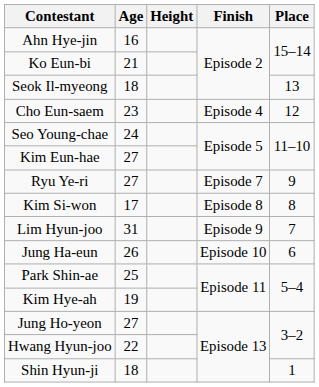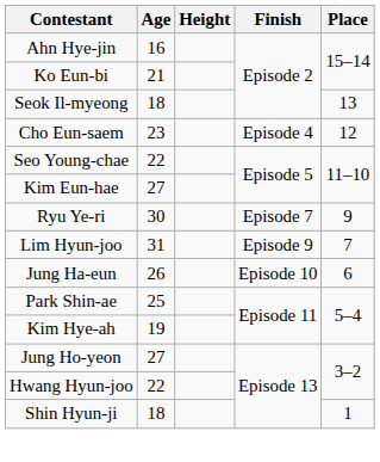 <table class="wikitable sortable" style="text-align:center;">
 <tr>
 <th>Contestant</th>
 <th>Age</th>
 <th>Height</th>
 <th>Finish</th>
 <th>Place</th>
 </tr>
 <tr>
 <td>Ahn Hye-jin</td>
 <td>16</td>
 <td></td>
 <td rowspan="3">Episode 2</td>
 <td rowspan="2">15–14</td>
 </tr>
 <tr>
 <td>Ko Eun-bi</td>
 <td>21</td>
 <td></td>
 </tr>
 <tr>
 <td>Seok Il-myeong</td>
 <td>18</td>
 <td></td>
 <td>13</td>
 </tr>
 <tr>
 <td>Cho Eun-saem</td>
 <td>23</td>
 <td></td>
 <td>Episode 4</td>
 <td>12</td>
 </tr>
 <tr>
 <td>Seo Young-chae</td>
-<td>24</td>
+<td>22</td>
 <td></td>
 <td rowspan="2">Episode 5</td>
 <td rowspan="2">11–10</td>
 </tr>
 <tr>
 <td>Kim Eun-hae</td>
 <td>27</td>
 <td></td>
 </tr>
 <tr>
 <td>Ryu Ye-ri</td>
-<td>27</td>
+<td>30</td>
 <td></td>
 <td>Episode 7</td>
 <td>9</td>
-</tr>
-<tr>
-<td>Kim Si-won</td>
-<td>17</td>
-<td></td>
-<td>Episode 8</td>
-<td>8</td>
 </tr>
 <tr>
 <td>Lim Hyun-joo</td>
 <td>31</td>
 <td></td>
 <td>Episode 9</td>
 <td>7</td>
 </tr>
 <tr>
 <td>Jung Ha-eun</td>
 <td>26</td>
 <td></td>
 <td>Episode 10</td>
 <td>6</td>
 </tr>
 <tr>
 <td>Park Shin-ae</td>
 <td>25</td>
 <td></td>
 <td rowspan="2">Episode 11</td>
 <td rowspan="2">5–4</td>
 </tr>
 <tr>
 <td>Kim Hye-ah</td>
 <td>19</td>
 <td></td>
 </tr>
 <tr>
 <td>Jung Ho-yeon</td>
 <td>27</td>
 <td></td>
 <td rowspan="3">Episode 13</td>
 <td rowspan="2">3–2</td>
 </tr>
 <tr>
 <td>Hwang Hyun-joo</td>
 <td>22</td>
 <td></td>
 </tr>
 <tr>
 <td>Shin Hyun-ji</td>
 <td>18</td>
 <td></td>
 <td>1</td>
 </tr>
 </table>
